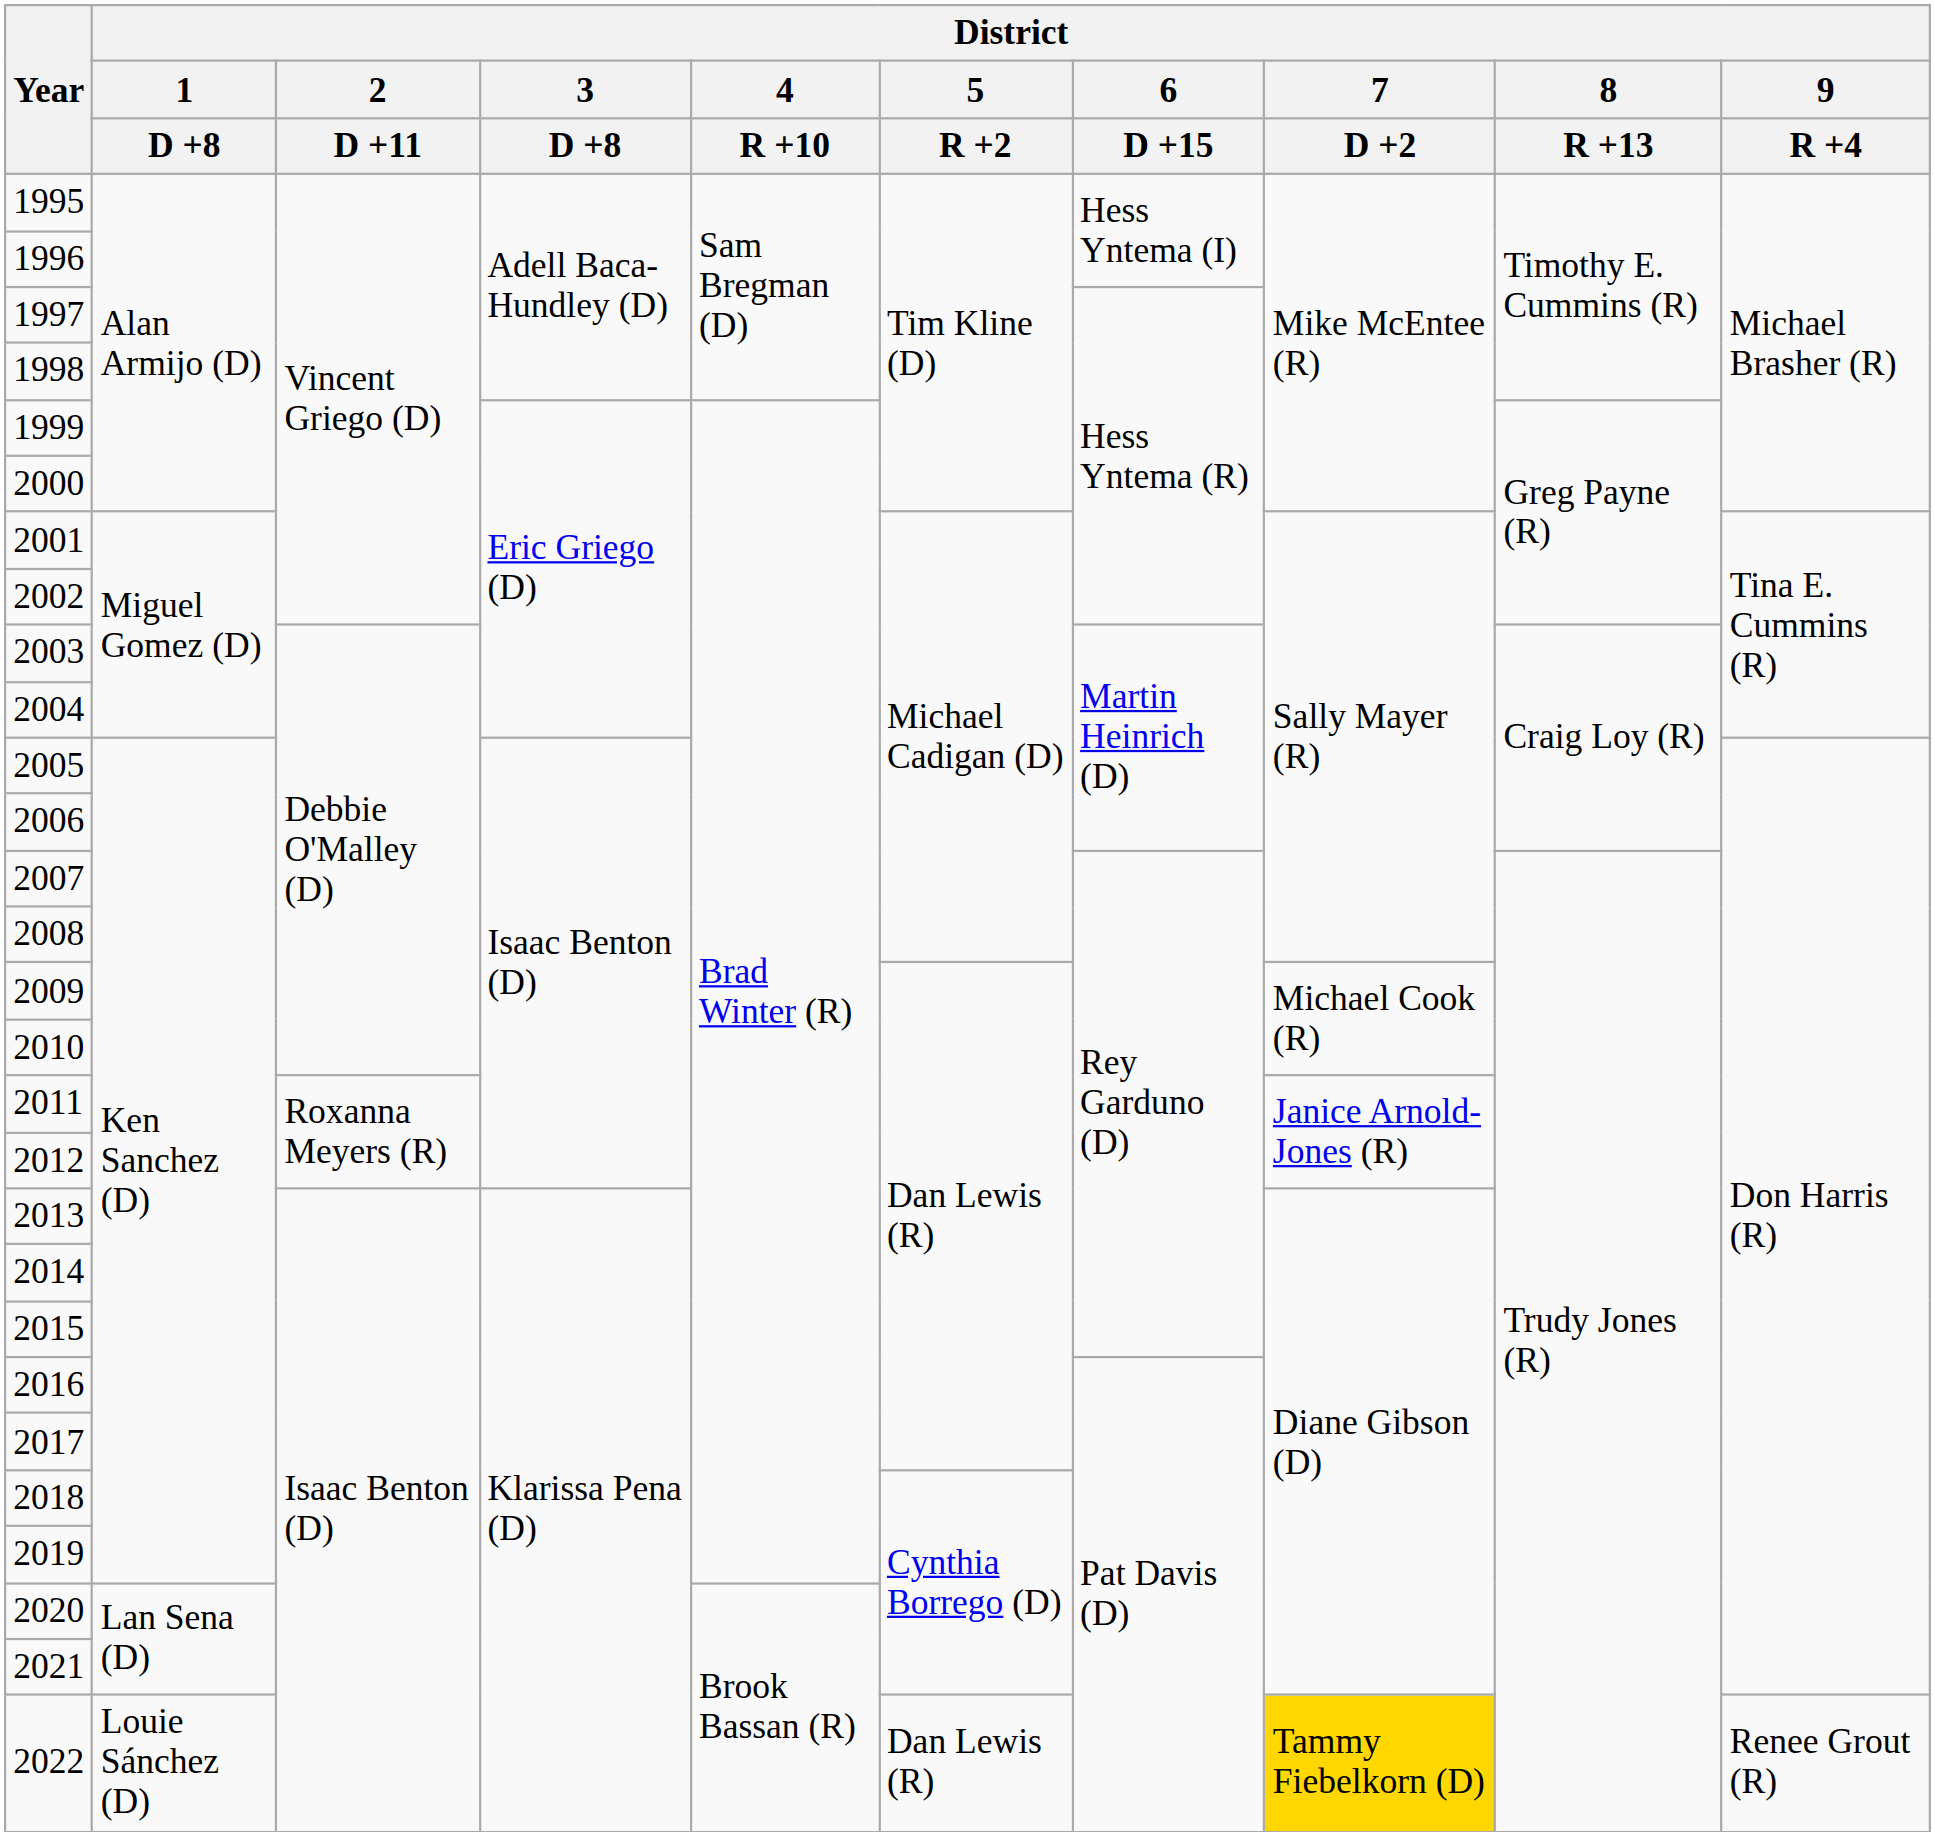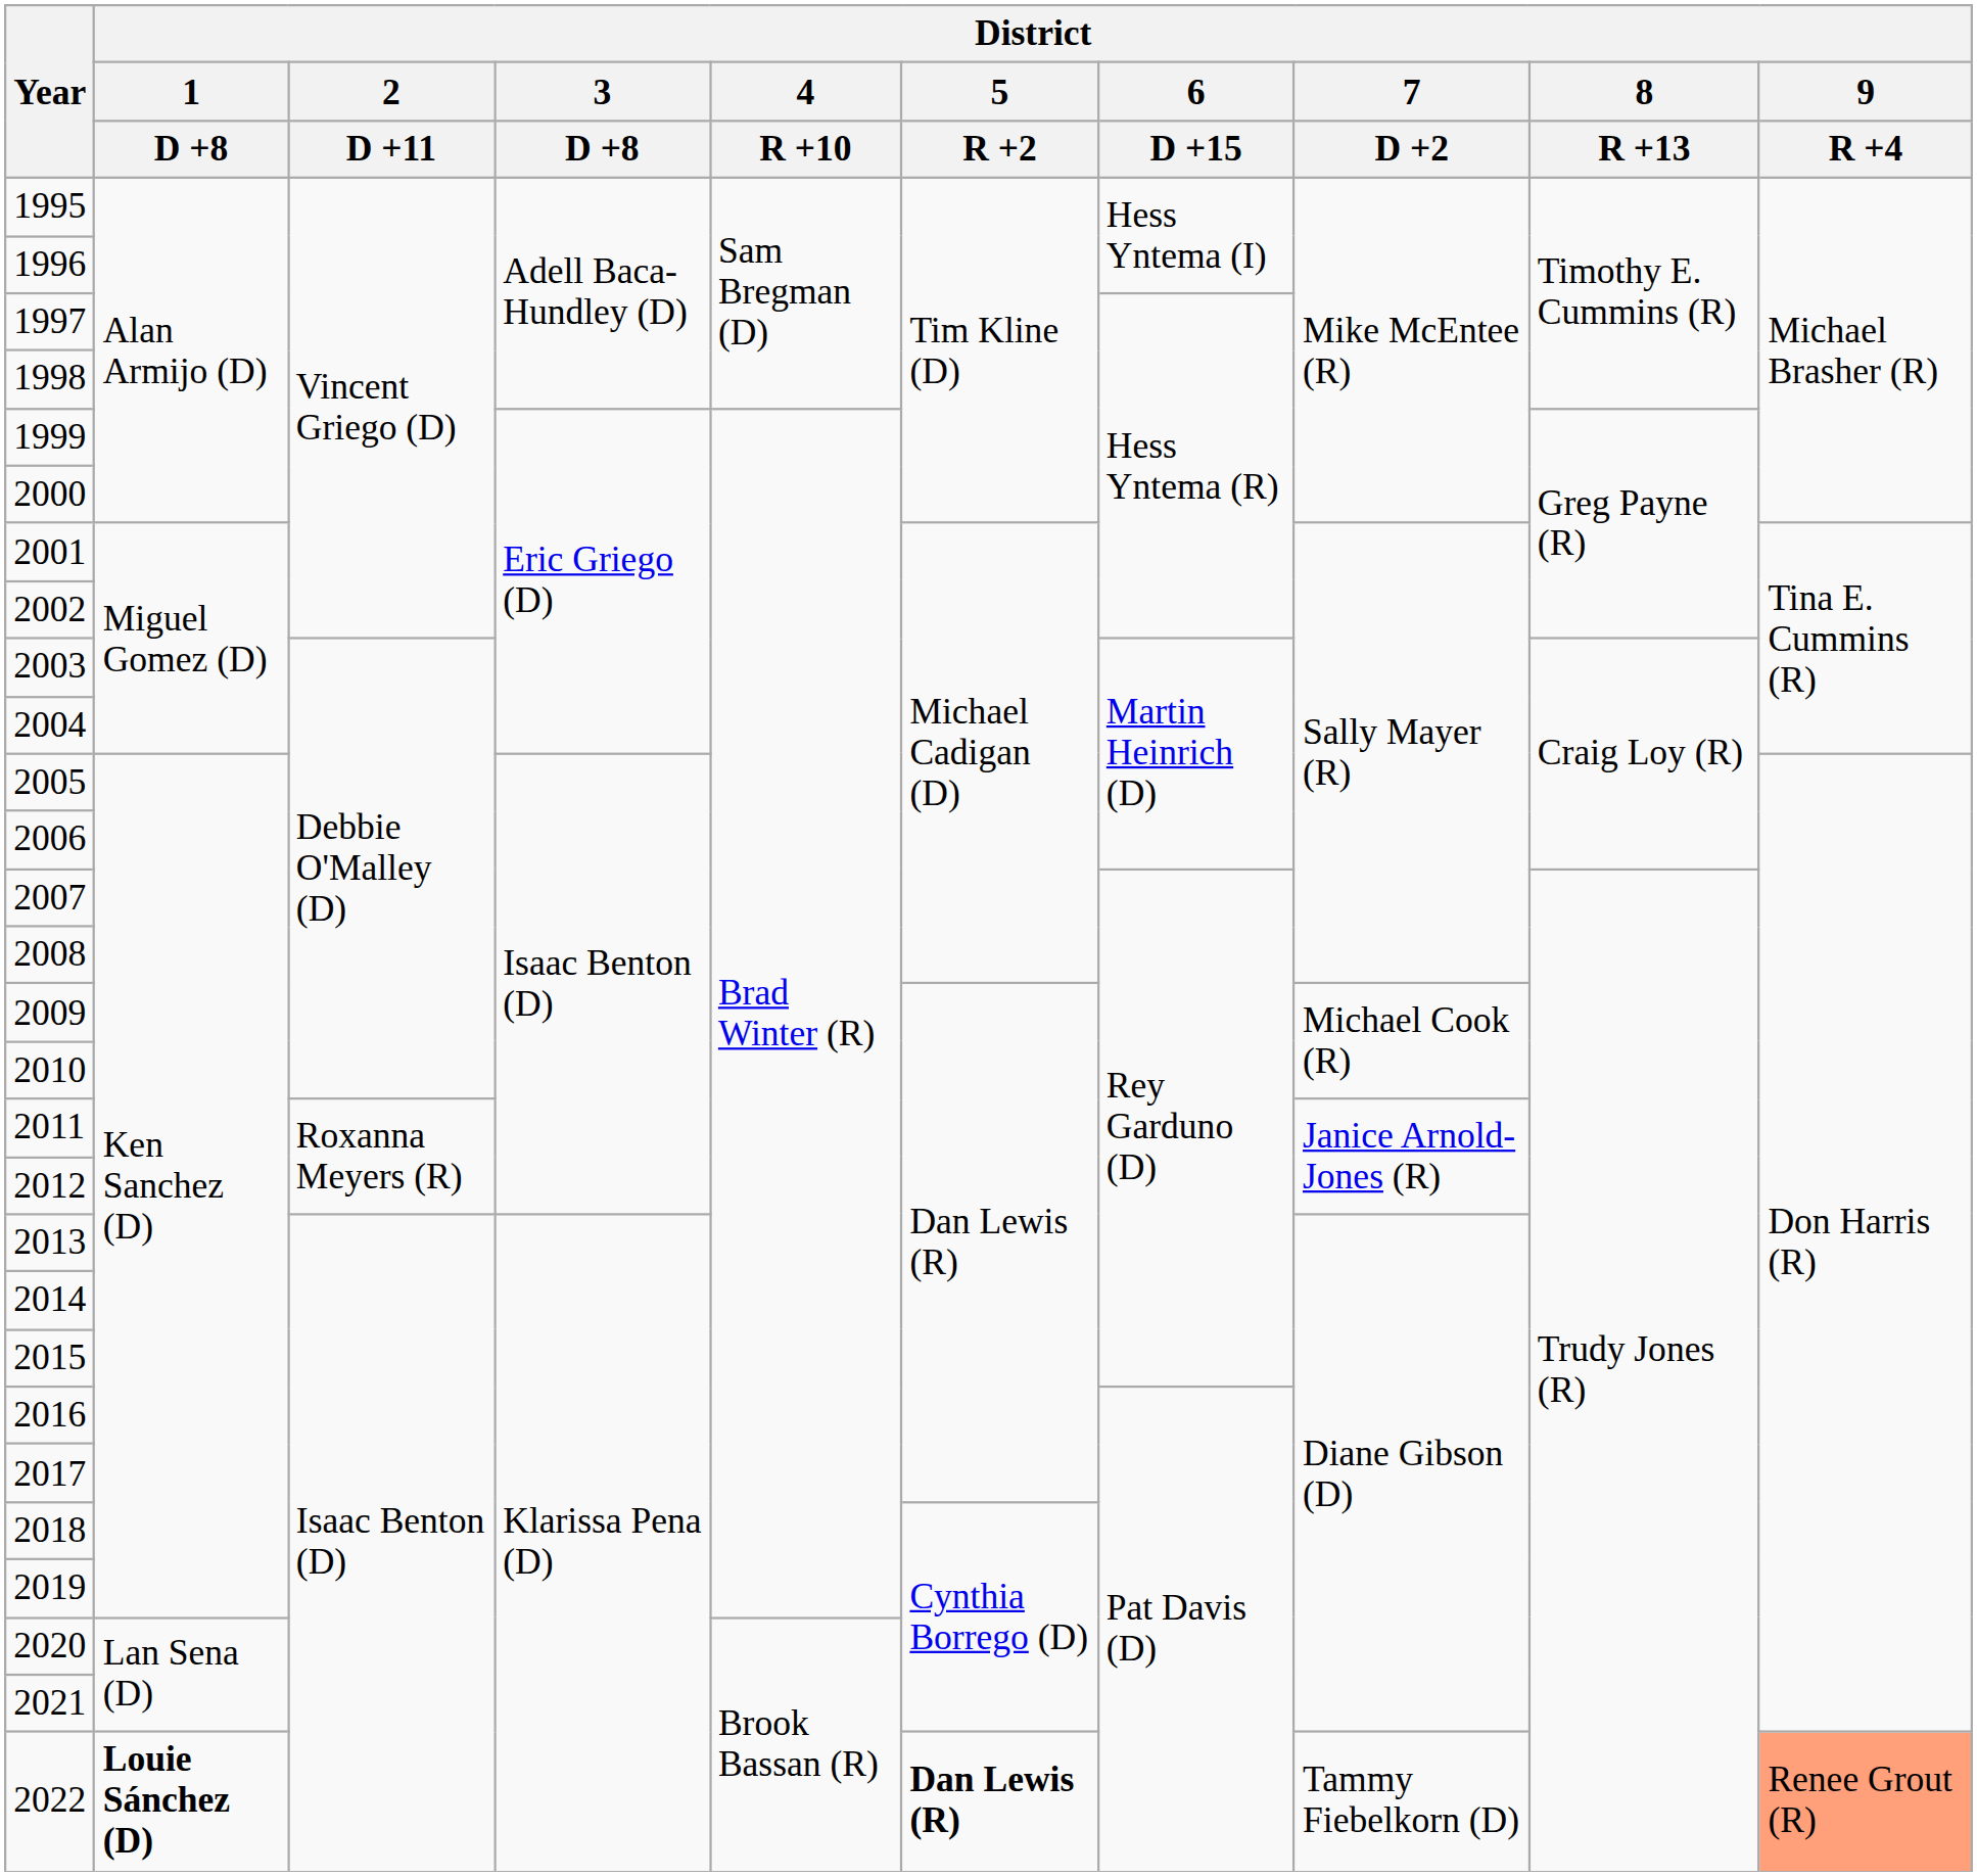 <table class="wikitable">
 <tr>
 <th rowspan="3">Year</th>
 <th colspan="18">District</th>
 </tr>
 <tr>
 <th>1</th>
 <th>2</th>
 <th>3</th>
 <th>4</th>
 <th>5</th>
 <th>6</th>
 <th>7</th>
 <th>8</th>
 <th>9</th>
 </tr>
 <tr>
 <th>D +8</th>
 <th>D +11</th>
 <th>D +8</th>
 <th>R +10</th>
 <th>R +2</th>
 <th>D +15</th>
 <th>D +2</th>
 <th>R +13</th>
 <th>R +4</th>
 </tr>
 <tr>
 <td>1995</td>
 <td rowspan="6" >Alan Armijo (D)</td>
 <td rowspan="8" >Vincent Griego (D)</td>
 <td rowspan="4" >Adell Baca-Hundley (D)</td>
 <td rowspan="4" >Sam Bregman (D)</td>
 <td rowspan="6" >Tim Kline (D)</td>
 <td rowspan="2" >Hess Yntema (I)</td>
 <td rowspan="6" >Mike McEntee (R)</td>
 <td rowspan="4" >Timothy E. Cummins (R)</td>
 <td rowspan="6" >Michael Brasher (R)</td>
 </tr>
 <tr>
 <td>1996</td>
 </tr>
 <tr>
 <td>1997</td>
 <td rowspan="6" >Hess Yntema (R)</td>
 </tr>
 <tr>
 <td>1998</td>
 </tr>
 <tr>
 <td>1999</td>
 <td rowspan="6" ><a href='#'>Eric Griego</a> (D)</td>
 <td rowspan="21" ><a href='#'>Brad Winter</a> (R)</td>
 <td rowspan="4" >Greg Payne (R)</td>
 </tr>
 <tr>
 <td>2000</td>
 </tr>
 <tr>
 <td>2001</td>
 <td rowspan="4" >Miguel Gomez (D)</td>
 <td rowspan="8" >Michael Cadigan (D)</td>
 <td rowspan="8" >Sally Mayer (R)</td>
 <td rowspan="4" >Tina E. Cummins (R)</td>
 </tr>
 <tr>
 <td>2002</td>
 </tr>
 <tr>
 <td>2003</td>
 <td rowspan="8" >Debbie O'Malley (D)</td>
 <td rowspan="4" ><a href='#'>Martin Heinrich</a> (D)</td>
 <td rowspan="4" >Craig Loy (R)</td>
 </tr>
 <tr>
 <td>2004</td>
 </tr>
 <tr>
 <td>2005</td>
 <td rowspan="15" >Ken Sanchez (D)</td>
 <td rowspan="8" >Isaac Benton (D)</td>
 <td rowspan="17" >Don Harris (R)</td>
 </tr>
 <tr>
 <td>2006</td>
 </tr>
 <tr>
 <td>2007</td>
 <td rowspan="9" >Rey Garduno (D)</td>
 <td rowspan="16" >Trudy Jones (R)</td>
 </tr>
 <tr>
 <td>2008</td>
 </tr>
 <tr>
 <td>2009</td>
 <td rowspan="9" >Dan Lewis (R)</td>
 <td rowspan="2" >Michael Cook (R)</td>
 </tr>
 <tr>
 <td>2010</td>
 </tr>
 <tr>
 <td>2011</td>
 <td rowspan="2" >Roxanna Meyers (R)</td>
 <td rowspan="2" ><a href='#'>Janice Arnold-Jones</a> (R)</td>
 </tr>
 <tr>
 <td>2012</td>
 </tr>
 <tr>
 <td>2013</td>
 <td rowspan="10" >Isaac Benton (D)</td>
 <td rowspan="10" >Klarissa Pena (D)</td>
 <td rowspan="9" >Diane Gibson (D)</td>
 </tr>
 <tr>
 <td>2014</td>
 </tr>
 <tr>
 <td>2015</td>
 </tr>
 <tr>
 <td>2016</td>
 <td rowspan="7" >Pat Davis (D)</td>
 </tr>
 <tr>
 <td>2017</td>
 </tr>
 <tr>
 <td>2018</td>
 <td rowspan="4" ><a href='#'>Cynthia Borrego</a> (D)</td>
 </tr>
 <tr>
 <td>2019</td>
 </tr>
 <tr>
 <td>2020</td>
 <td rowspan="2" >Lan Sena (D)</td>
 <td rowspan="3" >Brook Bassan (R)</td>
 </tr>
 <tr>
 <td>2021</td>
 </tr>
 <tr>
 <td>2022</td>
-<td rowspan="1" >Louie Sánchez (D)</td>
-<td rowspan="1" >Dan Lewis (R)</td>
-<td rowspan="1"  style="background: gold;">Tammy Fiebelkorn (D)</td>
-<td rowspan="1" >Renee Grout (R)</td>
+<td rowspan="1" ><strong>Louie Sánchez (D)</strong></td>
+<td rowspan="1" ><strong>Dan Lewis (R)</strong></td>
+<td rowspan="1" >Tammy Fiebelkorn (D)</td>
+<td rowspan="1"  style="background: lightsalmon;">Renee Grout (R)</td>
 </tr>
 <tr>
 </tr>
 </table>
